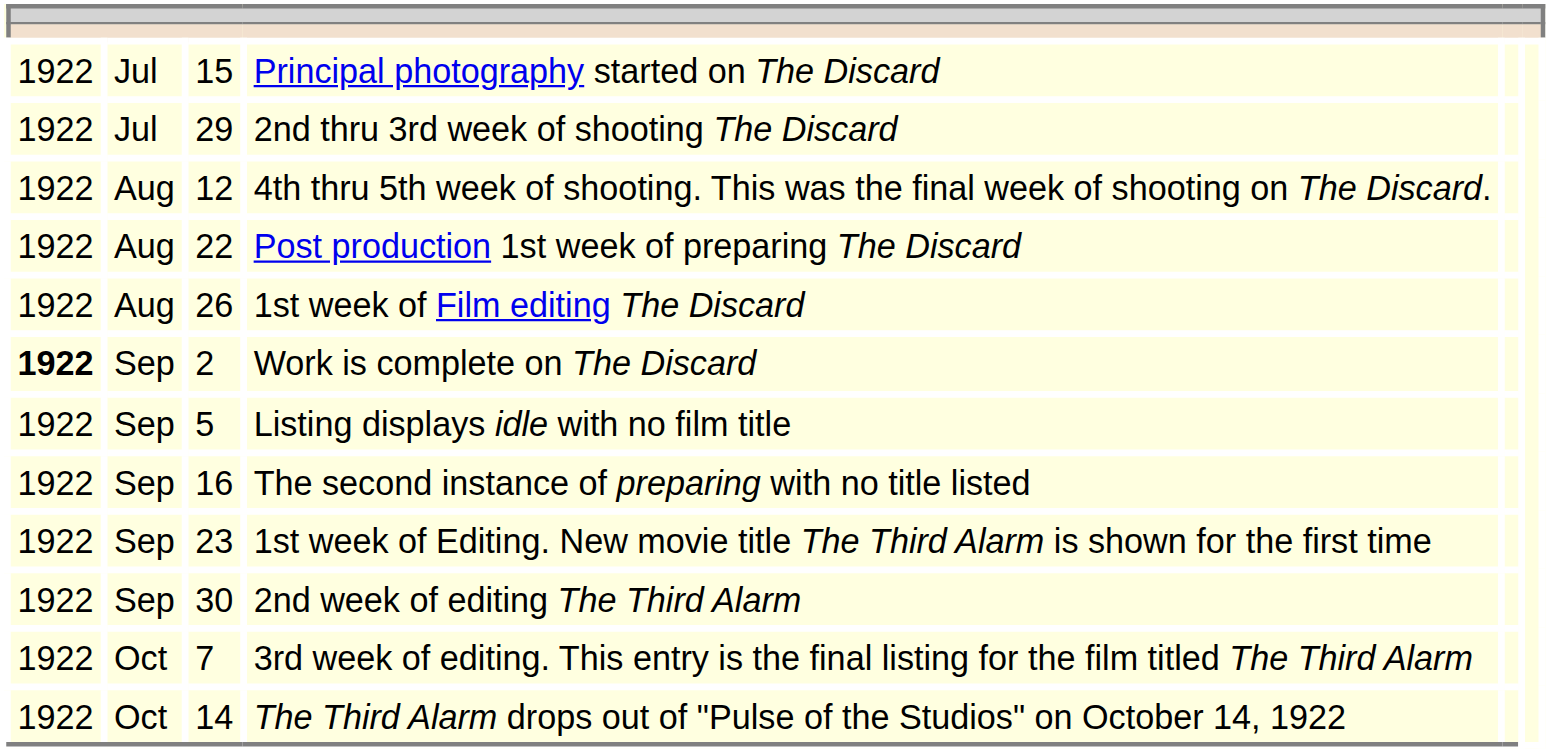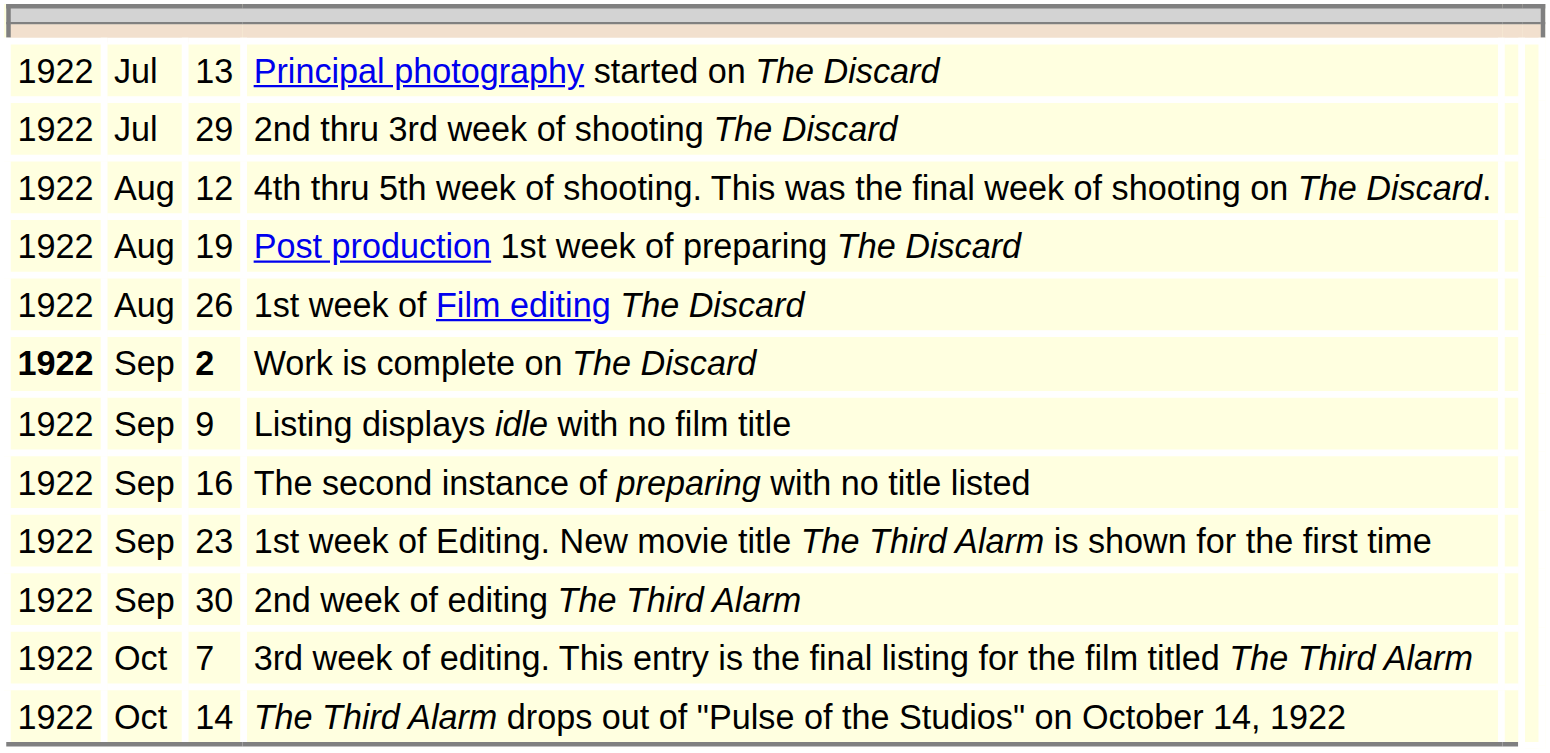 <table class="wikitable sortable mw-collapsible " style="background:lightyellow; border:2px solid gray;font-size:95%">
 <tr>
 <th colspan="6" style="border:1px solid #808080;background:lightgrey;"></th>
 </tr>
 <tr>
 <th style="border:0px solid #FFFAF5; background:#F2E0CE"></th>
 <th style="border:0px solid #FFFAF5; background:#F2E0CE"></th>
 <th style="border:0px solid #FFFAF5; background:#F2E0CE"></th>
 <th style="border:0px solid #FFFAF5; background:#F2E0CE"></th>
 <th style="border:0px solid #FFFAF5; background:#F2E0CE"></th>
 <th style="border:0px solid #FFFAF5; background:#F2E0CE"></th>
 </tr>
 <tr>
 <td style="border:3px solid #FFFFFF">1922</td>
 <td style="border:3px solid #FFFFFF">Jul</td>
-<td style="border:3px solid #FFFFFF">15</td>
+<td style="border:3px solid #FFFFFF">13</td>
 <td style="border:3px solid #FFFFFF"><a href='#'>Principal photography</a> started on <em>The Discard</em></td>
 <td style="border:3px solid #FFFFFF"></td>
 <td rowspan=13 style="text-align: center; border:3px solid #FFFFFF;"></td>
 </tr>
 <tr>
 <td style="border:3px solid #FFFFFF">1922</td>
 <td style="border:3px solid #FFFFFF">Jul</td>
 <td style="border:3px solid #FFFFFF">29</td>
 <td style="border:3px solid #FFFFFF">2nd thru 3rd week of shooting <em>The Discard</em></td>
 <td style="border:3px solid #FFFFFF"><br></td>
 </tr>
 <tr>
 <td style="border:3px solid #FFFFFF">1922</td>
 <td style="border:3px solid #FFFFFF">Aug</td>
 <td style="border:3px solid #FFFFFF">12</td>
 <td style="border:3px solid #FFFFFF">4th thru 5th week of shooting. This was the final week of shooting on <em>The Discard</em>.</td>
 <td style="border:3px solid #FFFFFF"></td>
 </tr>
 <tr>
 <td style="border:3px solid #FFFFFF">1922</td>
 <td style="border:3px solid #FFFFFF">Aug</td>
-<td style="border:3px solid #FFFFFF">22</td>
+<td style="border:3px solid #FFFFFF">19</td>
 <td style="border:3px solid #FFFFFF"><a href='#'>Post production</a> 1st week of preparing <em>The Discard</em></td>
 <td style="border:3px solid #FFFFFF"></td>
 </tr>
 <tr>
 <td style="border:3px solid #FFFFFF">1922</td>
 <td style="border:3px solid #FFFFFF">Aug</td>
 <td style="border:3px solid #FFFFFF">26</td>
 <td style="border:3px solid #FFFFFF">1st week of <a href='#'>Film editing</a> <em>The Discard</em></td>
 <td style="border:3px solid #FFFFFF"></td>
 </tr>
 <tr>
 <td style="border:3px solid #FFFFFF"><strong>1922</strong></td>
 <td style="border:3px solid #FFFFFF">Sep</td>
-<td style="border:3px solid #FFFFFF">2</td>
+<td style="border:3px solid #FFFFFF"><strong>2</strong></td>
 <td style="border:3px solid #FFFFFF">Work is complete on <em>The Discard</em></td>
 <td style="border:3px solid #FFFFFF"></td>
 </tr>
 <tr>
 <td style="border:3px solid #FFFFFF">1922</td>
 <td style="border:3px solid #FFFFFF">Sep</td>
-<td style="border:3px solid #FFFFFF">5</td>
+<td style="border:3px solid #FFFFFF">9</td>
 <td style="border:3px solid #FFFFFF">Listing displays <em>idle</em> with no film title</td>
 <td style="border:3px solid #FFFFFF"></td>
 </tr>
 <tr>
 <td style="border:3px solid #FFFFFF">1922</td>
 <td style="border:3px solid #FFFFFF">Sep</td>
 <td style="border:3px solid #FFFFFF">16</td>
 <td style="border:3px solid #FFFFFF">The second instance of <em>preparing</em> with no title listed</td>
 <td style="border:3px solid #FFFFFF"></td>
 </tr>
 <tr>
 <td style="border:3px solid #FFFFFF">1922</td>
 <td style="border:3px solid #FFFFFF">Sep</td>
 <td style="border:3px solid #FFFFFF">23</td>
 <td style="border:3px solid #FFFFFF">1st week of Editing. New movie title <em>The Third Alarm</em> is shown for the first time</td>
 <td style="border:3px solid #FFFFFF"></td>
 </tr>
 <tr>
 <td style="border:3px solid #FFFFFF">1922</td>
 <td style="border:3px solid #FFFFFF">Sep</td>
 <td style="border:3px solid #FFFFFF">30</td>
 <td style="border:3px solid #FFFFFF">2nd week of editing <em>The Third Alarm</em></td>
 <td style="border:3px solid #FFFFFF"></td>
 </tr>
 <tr>
 <td style="border:3px solid #FFFFFF">1922</td>
 <td style="border:3px solid #FFFFFF">Oct</td>
 <td style="border:3px solid #FFFFFF">7</td>
 <td style="border:3px solid #FFFFFF">3rd week of editing. This entry is the final listing for the film titled <em>The Third Alarm</em></td>
 <td style="border:3px solid #FFFFFF"></td>
 </tr>
 <tr>
 <td style="border:3px solid #FFFFFF">1922</td>
 <td style="border:3px solid #FFFFFF">Oct</td>
 <td style="border:3px solid #FFFFFF">14</td>
 <td style="border:3px solid #FFFFFF"><em>The Third Alarm</em> drops out of "Pulse of the Studios" on October 14, 1922</td>
 <td style="border:3px solid #FFFFFF"></td>
 </tr>
 <tr>
 </tr>
 </table>
